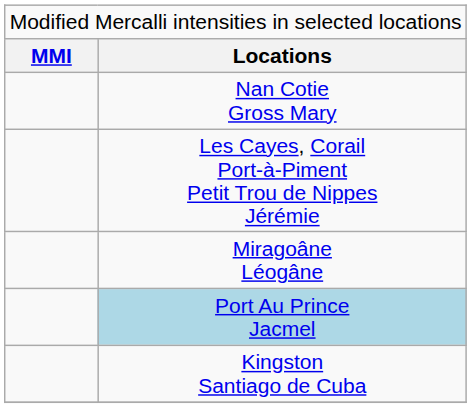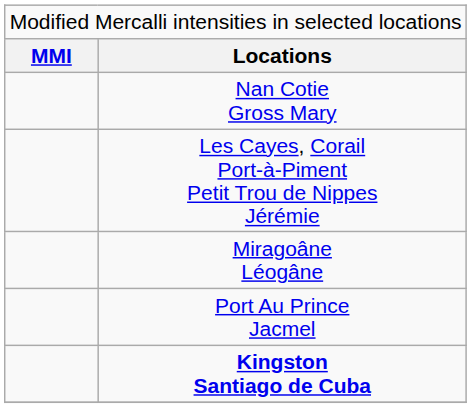 <table class="wikitable" style="float: left; text-align: center; font-size:90%;">
 <tr>
 <td colspan="4" style="text-align: center;">Modified Mercalli intensities in selected locations</td>
 </tr>
 <tr>
 <th><a href='#'>MMI</a></th>
 <th>Locations</th>
 </tr>
 <tr>
 <td></td>
 <td><a href='#'>Nan Cotie</a><br><a href='#'>Gross Mary</a></td>
 </tr>
 <tr>
 <td></td>
 <td><a href='#'>Les Cayes</a>, <a href='#'>Corail</a><br> <a href='#'>Port-à-Piment</a><br><a href='#'>Petit Trou de Nippes</a><br><a href='#'>Jérémie</a></td>
 </tr>
 <tr>
 <td></td>
 <td><a href='#'>Miragoâne</a><br><a href='#'>Léogâne</a></td>
 </tr>
 <tr>
 <td></td>
-<td style="background: lightblue;"><a href='#'>Port Au Prince</a><br> <a href='#'>Jacmel</a></td>
+<td><a href='#'>Port Au Prince</a><br> <a href='#'>Jacmel</a></td>
 </tr>
 <tr>
 <td></td>
-<td><a href='#'>Kingston</a><br> <a href='#'>Santiago de Cuba</a></td>
+<td><strong><a href='#'>Kingston</a><br> <a href='#'>Santiago de Cuba</a></strong></td>
 </tr>
 <tr>
 </tr>
 </table>
